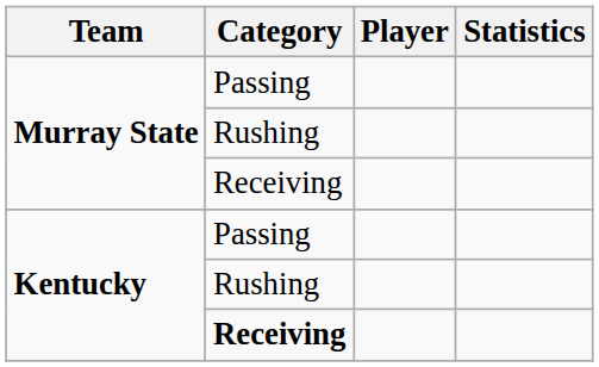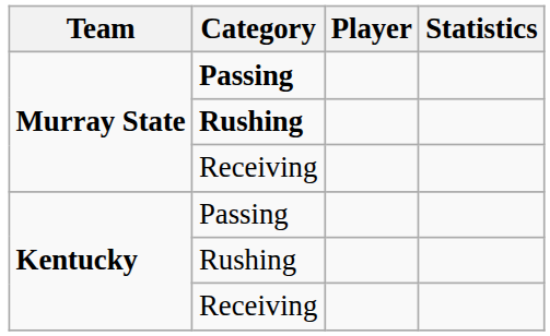 <table class="wikitable" style="float: right;">
 <tr>
 <th>Team</th>
 <th>Category</th>
 <th>Player</th>
 <th>Statistics</th>
 </tr>
 <tr>
 <td rowspan=3><strong>Murray State</strong></td>
-<td>Passing</td>
+<td><strong>Passing</strong></td>
 <td></td>
 <td></td>
 </tr>
 <tr>
-<td>Rushing</td>
+<td><strong>Rushing</strong></td>
 <td></td>
 <td></td>
 </tr>
 <tr>
 <td>Receiving</td>
 <td></td>
 <td></td>
 </tr>
 <tr>
 <td rowspan=3><strong>Kentucky</strong></td>
 <td>Passing</td>
 <td></td>
 <td></td>
 </tr>
 <tr>
 <td>Rushing</td>
 <td></td>
 <td></td>
 </tr>
 <tr>
-<td><strong>Receiving</strong></td>
+<td>Receiving</td>
 <td></td>
 <td></td>
 </tr>
 </table>
